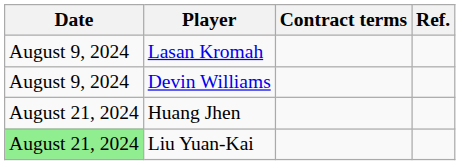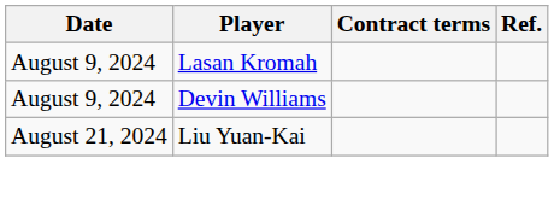 <table class="wikitable">
 <tr>
 <th>Date</th>
 <th>Player</th>
 <th>Contract terms</th>
 <th>Ref.</th>
 </tr>
 <tr>
 <td>August 9, 2024</td>
 <td><a href='#'>Lasan Kromah</a></td>
 <td></td>
 <td></td>
 </tr>
 <tr>
 <td>August 9, 2024</td>
 <td><a href='#'>Devin Williams</a></td>
 <td></td>
 <td></td>
 </tr>
 <tr>
 <td>August 21, 2024</td>
-<td>Huang Jhen</td>
-<td></td>
-<td></td>
-</tr>
-<tr>
-<td style="background: lightgreen;">August 21, 2024</td>
 <td>Liu Yuan-Kai</td>
 <td></td>
 <td></td>
 </tr>
 </table>
